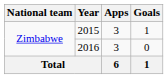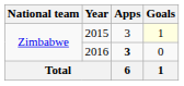 <table class="wikitable" style="text-align:center">
 <tr>
 <th>National team</th>
 <th>Year</th>
 <th>Apps</th>
 <th>Goals</th>
 </tr>
 <tr>
 <td rowspan="2"><a href='#'>Zimbabwe</a></td>
 <td>2015</td>
 <td>3</td>
-<td>1</td>
+<td style="background: lightyellow;">1</td>
 </tr>
 <tr>
 <td>2016</td>
-<td>3</td>
+<td><strong>3</strong></td>
 <td>0</td>
 </tr>
 <tr>
 <th colspan=2>Total</th>
 <th>6</th>
 <th>1</th>
 </tr>
 </table>
